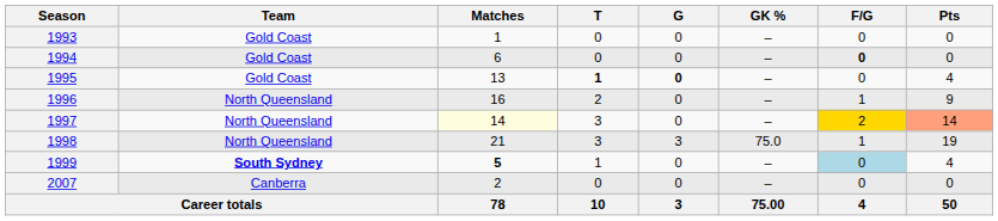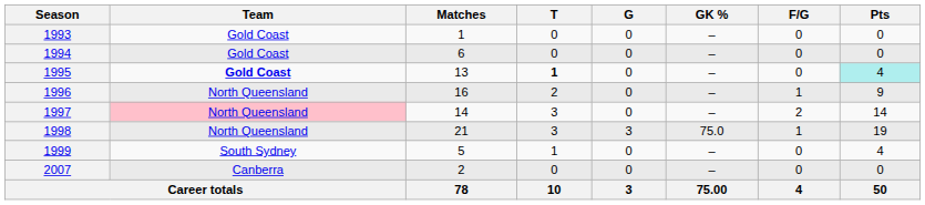 <table class="wikitable sortable"  style="font-size:90%; text-align:center; width:85%;">
 <tr>
 <th width=2%>Season</th>
 <th width=8%>Team</th>
 <th width=2%>Matches</th>
 <th width=2%>T</th>
 <th width=2%>G</th>
 <th width=2%>GK %</th>
 <th width=2%>F/G</th>
 <th width=2%>Pts</th>
 </tr>
 <tr>
 <th scope="row" style="text-align:center; font-weight:normal"><a href='#'>1993</a></th>
 <td style="text-align:center;"> <a href='#'>Gold Coast</a></td>
 <td>1</td>
 <td>0</td>
 <td>0</td>
 <td>–</td>
 <td>0</td>
 <td>0</td>
 </tr>
 <tr style="background-color: #EAEAEA">
 <th scope="row" style="text-align:center; font-weight:normal"><a href='#'>1994</a></th>
 <td style="text-align:center;"> <a href='#'>Gold Coast</a></td>
 <td>6</td>
 <td>0</td>
 <td>0</td>
 <td>–</td>
-<td><strong>0</strong></td>
+<td>0</td>
 <td>0</td>
 </tr>
 <tr>
 <th scope="row" style="text-align:center; font-weight:normal"><a href='#'>1995</a></th>
-<td style="text-align:center;"> <a href='#'>Gold Coast</a></td>
+<td style="text-align:center;"><strong> <a href='#'>Gold Coast</a></strong></td>
 <td>13</td>
 <td><strong>1</strong></td>
-<td><strong>0</strong></td>
+<td>0</td>
 <td>–</td>
 <td>0</td>
-<td>4</td>
+<td style="background: paleturquoise;">4</td>
 </tr>
 <tr style="background-color: #EAEAEA">
 <th scope="row" style="text-align:center; font-weight:normal"><a href='#'>1996</a></th>
 <td style="text-align:center;"> <a href='#'>North Queensland</a></td>
 <td>16</td>
 <td>2</td>
 <td>0</td>
 <td>–</td>
 <td>1</td>
 <td>9</td>
 </tr>
 <tr>
 <th scope="row" style="text-align:center; font-weight:normal"><a href='#'>1997</a></th>
-<td style="text-align:center;"> <a href='#'>North Queensland</a></td>
-<td style="background: lightyellow;">14</td>
+<td style="background: pink; text-align:center;"> <a href='#'>North Queensland</a></td>
+<td>14</td>
 <td>3</td>
 <td>0</td>
 <td>–</td>
-<td style="background: gold;">2</td>
-<td style="background: lightsalmon;">14</td>
+<td>2</td>
+<td>14</td>
 </tr>
 <tr style="background-color: #EAEAEA">
 <th scope="row" style="text-align:center; font-weight:normal"><a href='#'>1998</a></th>
 <td style="text-align:center;"> <a href='#'>North Queensland</a></td>
 <td>21</td>
 <td>3</td>
 <td>3</td>
 <td>75.0</td>
 <td>1</td>
 <td>19</td>
 </tr>
 <tr>
 <th scope="row" style="text-align:center; font-weight:normal"><a href='#'>1999</a></th>
-<td style="text-align:center;"><strong> <a href='#'>South Sydney</a></strong></td>
-<td><strong>5</strong></td>
+<td style="text-align:center;"> <a href='#'>South Sydney</a></td>
+<td>5</td>
 <td>1</td>
 <td>0</td>
 <td>–</td>
-<td style="background: lightblue;">0</td>
+<td>0</td>
 <td>4</td>
 </tr>
 <tr style="background-color: #EAEAEA">
 <th scope="row" style="text-align:center; font-weight:normal"><a href='#'>2007</a></th>
 <td style="text-align:center;"> <a href='#'>Canberra</a></td>
 <td>2</td>
 <td>0</td>
 <td>0</td>
 <td>–</td>
 <td>0</td>
 <td>0</td>
 </tr>
 <tr class="sortbottom">
 <th colspan=2>Career totals</th>
 <th>78</th>
 <th>10</th>
 <th>3</th>
 <th>75.00</th>
 <th>4</th>
 <th>50</th>
 </tr>
 </table>
